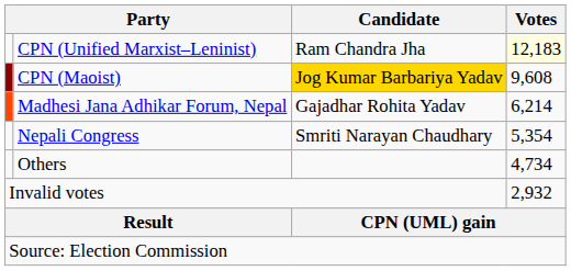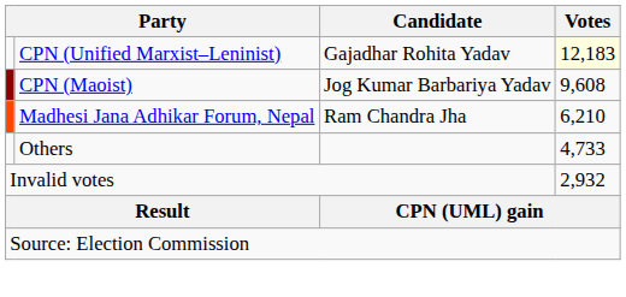 <table class="wikitable">
 <tr>
 <th colspan="2">Party</th>
 <th>Candidate</th>
 <th>Votes</th>
 </tr>
 <tr>
 <td style="background-color:"></td>
 <td><a href='#'>CPN (Unified Marxist–Leninist)</a></td>
-<td>Ram Chandra Jha</td>
+<td>Gajadhar Rohita Yadav</td>
 <td style="background: lightyellow;">12,183</td>
 </tr>
 <tr>
 <td style="background-color:darkred"></td>
 <td><a href='#'>CPN (Maoist)</a></td>
-<td style="background: gold;">Jog Kumar Barbariya Yadav</td>
+<td>Jog Kumar Barbariya Yadav</td>
 <td>9,608</td>
 </tr>
 <tr>
 <td style="background-color:orangered"></td>
 <td><a href='#'>Madhesi Jana Adhikar Forum, Nepal</a></td>
-<td>Gajadhar Rohita Yadav</td>
-<td>6,214</td>
-</tr>
-<tr>
-<td style="background-color:"></td>
-<td><a href='#'>Nepali Congress</a></td>
-<td>Smriti Narayan Chaudhary</td>
-<td>5,354</td>
+<td>Ram Chandra Jha</td>
+<td>6,210</td>
 </tr>
 <tr>
 <td></td>
 <td>Others</td>
 <td></td>
-<td>4,734</td>
+<td>4,733</td>
 </tr>
 <tr>
 <td colspan="3">Invalid votes</td>
 <td>2,932</td>
 </tr>
 <tr>
 <th colspan="2">Result</th>
 <th colspan="2">CPN (UML) gain</th>
 </tr>
 <tr>
 <td colspan="4">Source: Election Commission</td>
 </tr>
 </table>
